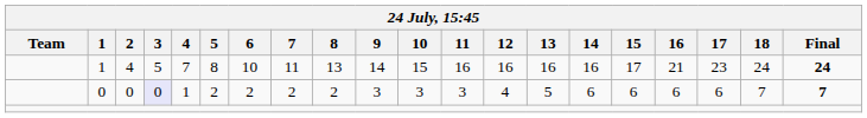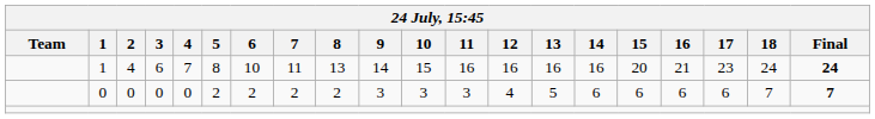 <table class=wikitable style="text-align:center; width: 55%">
 <tr>
 <th colspan=20><em>24 July, 15:45</em></th>
 </tr>
 <tr>
 <th>Team</th>
 <th>1</th>
 <th>2</th>
 <th>3</th>
 <th>4</th>
 <th>5</th>
 <th>6</th>
 <th>7</th>
 <th>8</th>
 <th>9</th>
 <th>10</th>
 <th>11</th>
 <th>12</th>
 <th>13</th>
 <th>14</th>
 <th>15</th>
 <th>16</th>
 <th>17</th>
 <th>18</th>
 <th>Final</th>
 </tr>
 <tr>
 <td align=left><strong></strong></td>
 <td>1</td>
 <td>4</td>
-<td>5</td>
+<td>6</td>
 <td>7</td>
 <td>8</td>
 <td>10</td>
 <td>11</td>
 <td>13</td>
 <td>14</td>
 <td>15</td>
 <td>16</td>
 <td>16</td>
 <td>16</td>
 <td>16</td>
-<td>17</td>
+<td>20</td>
 <td>21</td>
 <td>23</td>
 <td>24</td>
 <td><strong>24</strong></td>
 </tr>
 <tr>
 <td align=left></td>
 <td>0</td>
 <td>0</td>
-<td style="background: lavender;">0</td>
-<td>1</td>
+<td>0</td>
+<td>0</td>
 <td>2</td>
 <td>2</td>
 <td>2</td>
 <td>2</td>
 <td>3</td>
 <td>3</td>
 <td>3</td>
 <td>4</td>
 <td>5</td>
 <td>6</td>
 <td>6</td>
 <td>6</td>
 <td>6</td>
 <td>7</td>
 <td><strong>7</strong></td>
 </tr>
 <tr>
 <td colspan=20></td>
 </tr>
 </table>
